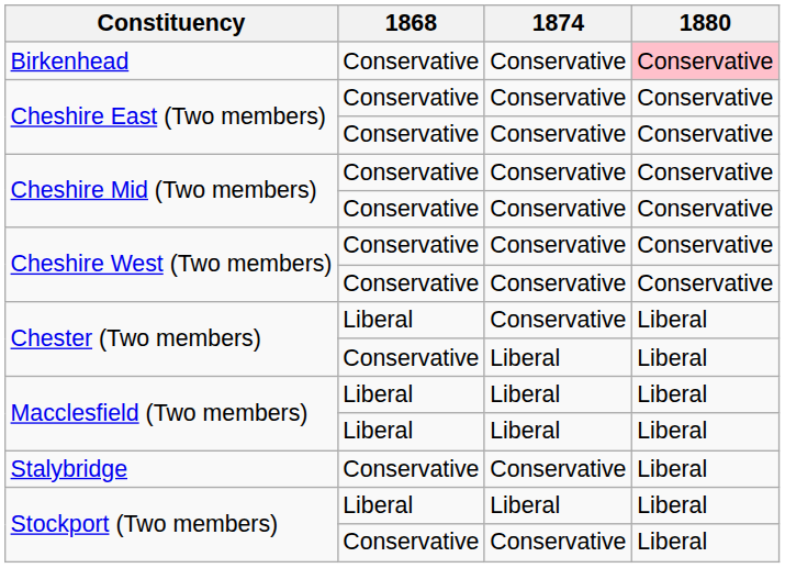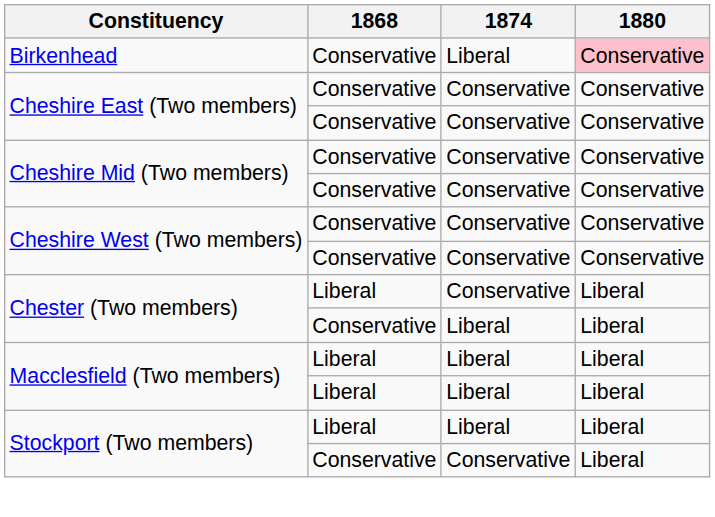 <table class="wikitable">
 <tr>
 <th>Constituency</th>
 <th>1868</th>
 <th>1874</th>
 <th>1880</th>
 </tr>
 <tr>
 <td><a href='#'>Birkenhead</a></td>
 <td>Conservative</td>
-<td>Conservative</td>
+<td>Liberal</td>
 <td style="background: pink;">Conservative</td>
 </tr>
 <tr>
 <td rowspan="2"><a href='#'>Cheshire East</a> (Two members)</td>
 <td>Conservative</td>
 <td>Conservative</td>
 <td>Conservative</td>
 </tr>
 <tr>
 <td>Conservative</td>
 <td>Conservative</td>
 <td>Conservative</td>
 </tr>
 <tr>
 <td rowspan="2"><a href='#'>Cheshire Mid</a> (Two members)</td>
 <td>Conservative</td>
 <td>Conservative</td>
 <td>Conservative</td>
 </tr>
 <tr>
 <td>Conservative</td>
 <td>Conservative</td>
 <td>Conservative</td>
 </tr>
 <tr>
 <td rowspan="2"><a href='#'>Cheshire West</a> (Two members)</td>
 <td>Conservative</td>
 <td>Conservative</td>
 <td>Conservative</td>
 </tr>
 <tr>
 <td>Conservative</td>
 <td>Conservative</td>
 <td>Conservative</td>
 </tr>
 <tr>
 <td rowspan="2"><a href='#'>Chester</a> (Two members)</td>
 <td>Liberal</td>
 <td>Conservative</td>
 <td>Liberal</td>
 </tr>
 <tr>
 <td>Conservative</td>
 <td>Liberal</td>
 <td>Liberal</td>
 </tr>
 <tr>
 <td rowspan="2"><a href='#'>Macclesfield</a> (Two members)</td>
 <td>Liberal</td>
 <td>Liberal</td>
 <td>Liberal</td>
 </tr>
 <tr>
 <td>Liberal</td>
 <td>Liberal</td>
 <td>Liberal</td>
 </tr>
 <tr>
-<td><a href='#'>Stalybridge</a></td>
-<td>Conservative</td>
-<td>Conservative</td>
-<td>Liberal</td>
-</tr>
-<tr>
 <td rowspan="2"><a href='#'>Stockport</a> (Two members)</td>
 <td>Liberal</td>
 <td>Liberal</td>
 <td>Liberal</td>
 </tr>
 <tr>
 <td>Conservative</td>
 <td>Conservative</td>
 <td>Liberal</td>
 </tr>
 </table>
